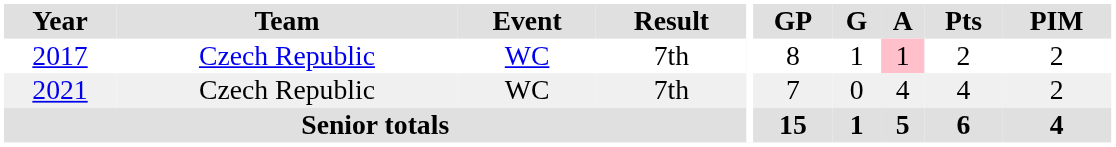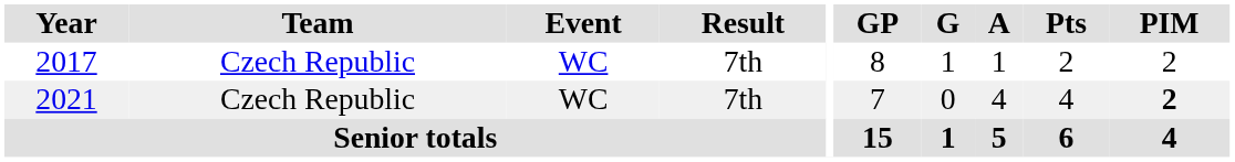 <table border="0" cellpadding="1" cellspacing="0" ID="Table3" style="text-align:center; width:40em">
 <tr ALIGN="center" bgcolor="#e0e0e0">
 <th>Year</th>
 <th>Team</th>
 <th>Event</th>
 <th>Result</th>
 <th rowspan="99" bgcolor="#ffffff"></th>
 <th>GP</th>
 <th>G</th>
 <th>A</th>
 <th>Pts</th>
 <th>PIM</th>
 </tr>
 <tr>
 <td><a href='#'>2017</a></td>
 <td><a href='#'>Czech Republic</a></td>
 <td><a href='#'>WC</a></td>
 <td>7th</td>
 <td>8</td>
 <td>1</td>
-<td style="background: pink;">1</td>
+<td>1</td>
 <td>2</td>
 <td>2</td>
 </tr>
 <tr bgcolor="#f0f0f0">
 <td><a href='#'>2021</a></td>
 <td>Czech Republic</td>
 <td>WC</td>
 <td>7th</td>
 <td>7</td>
 <td>0</td>
 <td>4</td>
 <td>4</td>
-<td>2</td>
+<td><strong>2</strong></td>
 </tr>
 <tr bgcolor="#e0e0e0">
 <th colspan="4">Senior totals</th>
 <th>15</th>
 <th>1</th>
 <th>5</th>
 <th>6</th>
 <th>4</th>
 </tr>
 </table>
